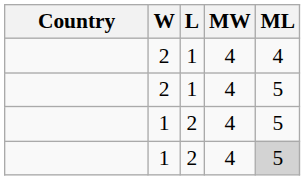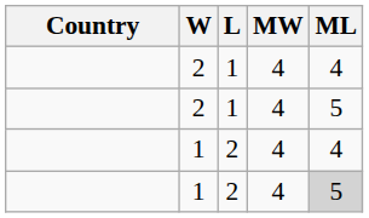 <table class="wikitable sortable" style="text-align:center">
 <tr>
 <th width=100>Country</th>
 <th>W</th>
 <th>L</th>
 <th>MW</th>
 <th>ML</th>
 </tr>
 <tr>
 <td align=left><strong></strong></td>
 <td>2</td>
 <td>1</td>
 <td>4</td>
 <td>4</td>
 </tr>
 <tr>
 <td align=left></td>
 <td>2</td>
 <td>1</td>
 <td>4</td>
 <td>5</td>
 </tr>
 <tr>
 <td align=left></td>
 <td>1</td>
 <td>2</td>
 <td>4</td>
-<td>5</td>
+<td>4</td>
 </tr>
 <tr>
 <td align=left></td>
 <td>1</td>
 <td>2</td>
 <td>4</td>
 <td style="background: lightgrey;">5</td>
 </tr>
 </table>
